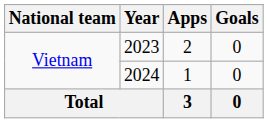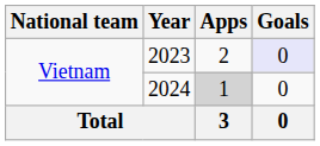 <table class="wikitable" style="text-align: center;">
 <tr>
 <th>National team</th>
 <th>Year</th>
 <th>Apps</th>
 <th>Goals</th>
 </tr>
 <tr>
 <td rowspan=2><a href='#'>Vietnam</a></td>
 <td>2023</td>
 <td>2</td>
-<td>0</td>
+<td style="background: lavender;">0</td>
 </tr>
 <tr>
 <td>2024</td>
-<td>1</td>
+<td style="background: lightgrey;">1</td>
 <td>0</td>
 </tr>
 <tr>
 <th colspan=2>Total</th>
 <th>3</th>
 <th>0</th>
 </tr>
 </table>
